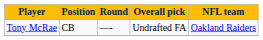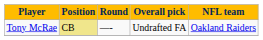 <table class="wikitable" border="1">
 <tr>
 <th style="background: #FFBC00; color: #002659">Player</th>
 <th style="background: #FFBC00; color: #002659">Position</th>
 <th style="background: #FFBC00; color: #002659">Round</th>
 <th style="background: #FFBC00; color: #002659">Overall pick</th>
 <th style="background: #FFBC00; color: #002659">NFL team</th>
 </tr>
 <tr>
 <td><a href='#'>Tony McRae</a></td>
-<td>CB</td>
+<td style="background: khaki;">CB</td>
 <td>—-</td>
 <td>Undrafted FA</td>
 <td><a href='#'>Oakland Raiders</a></td>
 </tr>
 <tr>
 </tr>
 </table>
